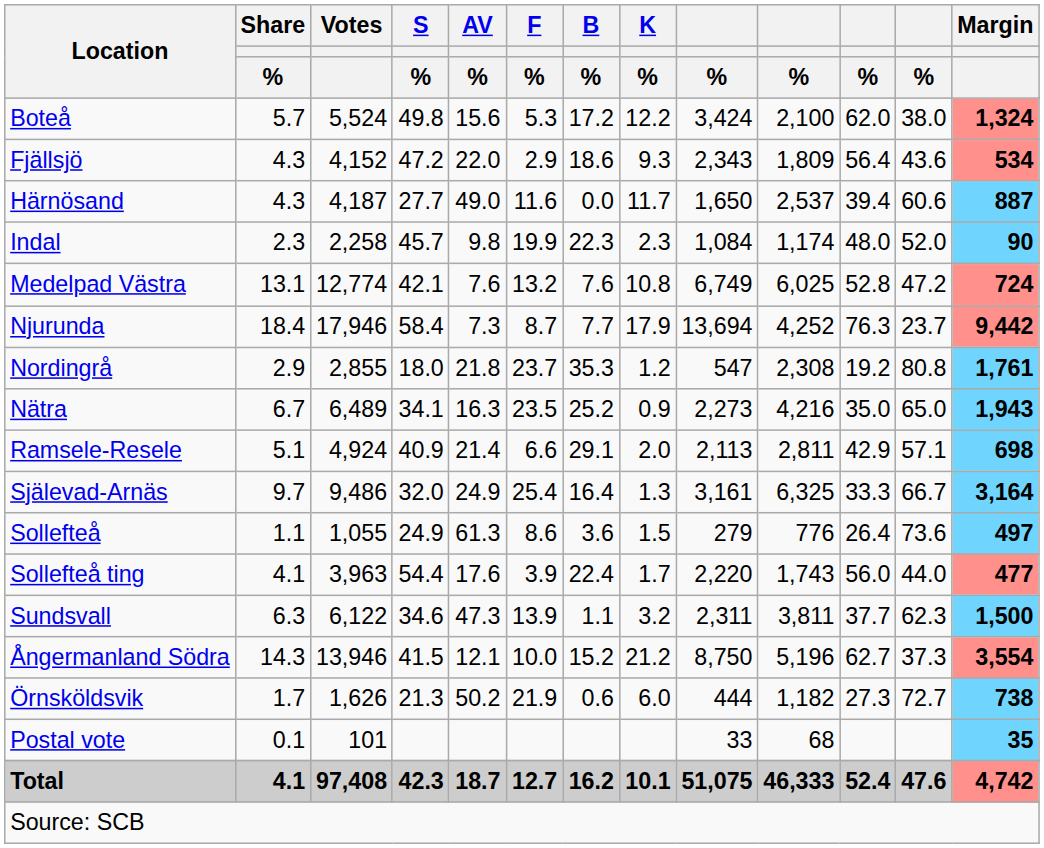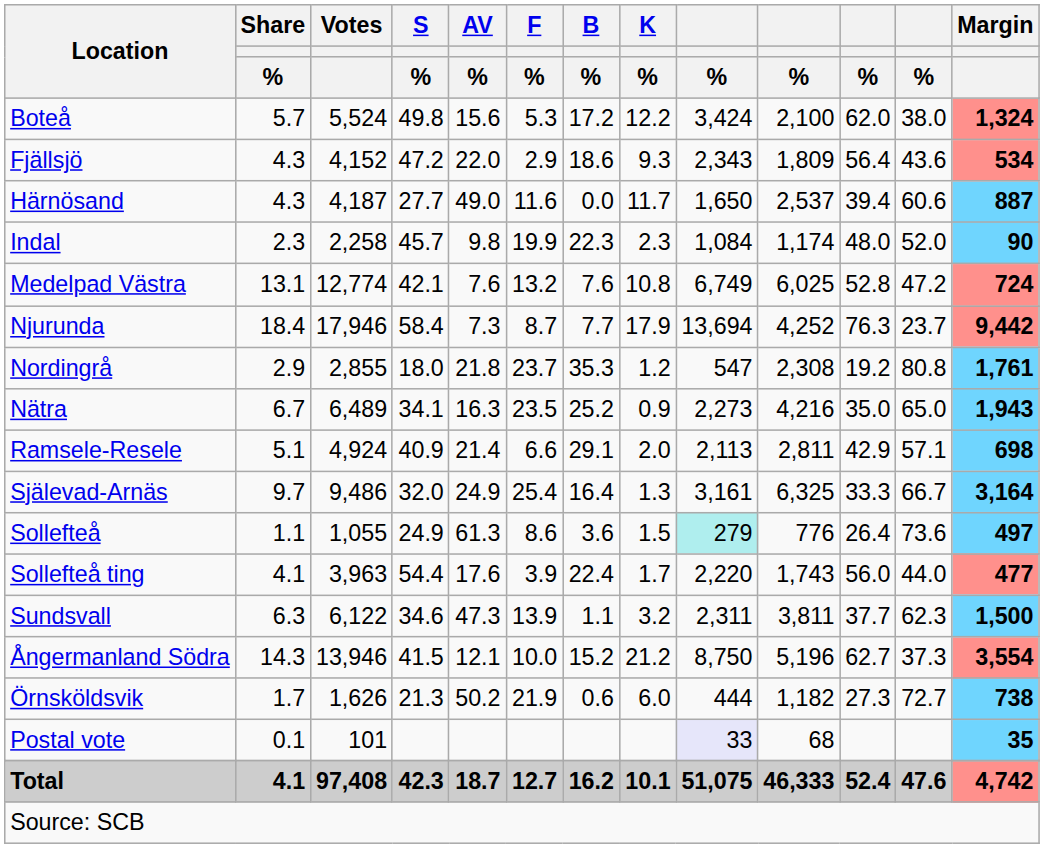 <table class="wikitable sortable" style="text-align:right; font-size:95%; line-height:20px;">
 <tr>
 <th rowspan="3">Location</th>
 <th>Share</th>
 <th>Votes</th>
 <th width="30px" class="unsortable"><a href='#'>S</a></th>
 <th width="30px" class="unsortable"><a href='#'>AV</a></th>
 <th width="30px" class="unsortable"><a href='#'>F</a></th>
 <th width="30px" class="unsortable"><a href='#'>B</a></th>
 <th width="30px" class="unsortable"><a href='#'>K</a></th>
 <th></th>
 <th></th>
 <th></th>
 <th></th>
 <th>Margin</th>
 </tr>
 <tr>
 <th></th>
 <th></th>
 <th style="background:"></th>
 <th style="background:"></th>
 <th style="background:"></th>
 <th style="background:"></th>
 <th style="background:"></th>
 <th style="background:"></th>
 <th style="background:"></th>
 <th style="background:"></th>
 <th style="background:"></th>
 <th></th>
 </tr>
 <tr>
 <th data-sort-type="number">%</th>
 <th></th>
 <th data-sort-type="number">%</th>
 <th data-sort-type="number">%</th>
 <th data-sort-type="number">%</th>
 <th data-sort-type="number">%</th>
 <th data-sort-type="number">%</th>
 <th data-sort-type="number">%</th>
 <th data-sort-type="number">%</th>
 <th data-sort-type="number">%</th>
 <th data-sort-type="number">%</th>
 <th></th>
 </tr>
 <tr>
 <td align=left><a href='#'>Boteå</a></td>
 <td>5.7</td>
 <td>5,524</td>
 <td>49.8</td>
 <td>15.6</td>
 <td>5.3</td>
 <td>17.2</td>
 <td>12.2</td>
 <td>3,424</td>
 <td>2,100</td>
 <td>62.0</td>
 <td>38.0</td>
 <td bgcolor=#ff908c><strong>1,324</strong></td>
 </tr>
 <tr>
 <td align=left><a href='#'>Fjällsjö</a></td>
 <td>4.3</td>
 <td>4,152</td>
 <td>47.2</td>
 <td>22.0</td>
 <td>2.9</td>
 <td>18.6</td>
 <td>9.3</td>
 <td>2,343</td>
 <td>1,809</td>
 <td>56.4</td>
 <td>43.6</td>
 <td bgcolor=#ff908c><strong>534</strong></td>
 </tr>
 <tr>
 <td align=left><a href='#'>Härnösand</a></td>
 <td>4.3</td>
 <td>4,187</td>
 <td>27.7</td>
 <td>49.0</td>
 <td>11.6</td>
 <td>0.0</td>
 <td>11.7</td>
 <td>1,650</td>
 <td>2,537</td>
 <td>39.4</td>
 <td>60.6</td>
 <td bgcolor=#6fd5fe><strong>887</strong></td>
 </tr>
 <tr>
 <td align=left><a href='#'>Indal</a></td>
 <td>2.3</td>
 <td>2,258</td>
 <td>45.7</td>
 <td>9.8</td>
 <td>19.9</td>
 <td>22.3</td>
 <td>2.3</td>
 <td>1,084</td>
 <td>1,174</td>
 <td>48.0</td>
 <td>52.0</td>
 <td bgcolor=#6fd5fe><strong>90</strong></td>
 </tr>
 <tr>
 <td align=left><a href='#'>Medelpad Västra</a></td>
 <td>13.1</td>
 <td>12,774</td>
 <td>42.1</td>
 <td>7.6</td>
 <td>13.2</td>
 <td>7.6</td>
 <td>10.8</td>
 <td>6,749</td>
 <td>6,025</td>
 <td>52.8</td>
 <td>47.2</td>
 <td bgcolor=#ff908c><strong>724</strong></td>
 </tr>
 <tr>
 <td align=left><a href='#'>Njurunda</a></td>
 <td>18.4</td>
 <td>17,946</td>
 <td>58.4</td>
 <td>7.3</td>
 <td>8.7</td>
 <td>7.7</td>
 <td>17.9</td>
 <td>13,694</td>
 <td>4,252</td>
 <td>76.3</td>
 <td>23.7</td>
 <td bgcolor=#ff908c><strong>9,442</strong></td>
 </tr>
 <tr>
 <td align=left><a href='#'>Nordingrå</a></td>
 <td>2.9</td>
 <td>2,855</td>
 <td>18.0</td>
 <td>21.8</td>
 <td>23.7</td>
 <td>35.3</td>
 <td>1.2</td>
 <td>547</td>
 <td>2,308</td>
 <td>19.2</td>
 <td>80.8</td>
 <td bgcolor=#6fd5fe><strong>1,761</strong></td>
 </tr>
 <tr>
 <td align=left><a href='#'>Nätra</a></td>
 <td>6.7</td>
 <td>6,489</td>
 <td>34.1</td>
 <td>16.3</td>
 <td>23.5</td>
 <td>25.2</td>
 <td>0.9</td>
 <td>2,273</td>
 <td>4,216</td>
 <td>35.0</td>
 <td>65.0</td>
 <td bgcolor=#6fd5fe><strong>1,943</strong></td>
 </tr>
 <tr>
 <td align=left><a href='#'>Ramsele-Resele</a></td>
 <td>5.1</td>
 <td>4,924</td>
 <td>40.9</td>
 <td>21.4</td>
 <td>6.6</td>
 <td>29.1</td>
 <td>2.0</td>
 <td>2,113</td>
 <td>2,811</td>
 <td>42.9</td>
 <td>57.1</td>
 <td bgcolor=#6fd5fe><strong>698</strong></td>
 </tr>
 <tr>
 <td align=left><a href='#'>Själevad-Arnäs</a></td>
 <td>9.7</td>
 <td>9,486</td>
 <td>32.0</td>
 <td>24.9</td>
 <td>25.4</td>
 <td>16.4</td>
 <td>1.3</td>
 <td>3,161</td>
 <td>6,325</td>
 <td>33.3</td>
 <td>66.7</td>
 <td bgcolor=#6fd5fe><strong>3,164</strong></td>
 </tr>
 <tr>
 <td align=left><a href='#'>Sollefteå</a></td>
 <td>1.1</td>
 <td>1,055</td>
 <td>24.9</td>
 <td>61.3</td>
 <td>8.6</td>
 <td>3.6</td>
 <td>1.5</td>
-<td>279</td>
+<td style="background: paleturquoise;">279</td>
 <td>776</td>
 <td>26.4</td>
 <td>73.6</td>
 <td bgcolor=#6fd5fe><strong>497</strong></td>
 </tr>
 <tr>
 <td align=left><a href='#'>Sollefteå ting</a></td>
 <td>4.1</td>
 <td>3,963</td>
 <td>54.4</td>
 <td>17.6</td>
 <td>3.9</td>
 <td>22.4</td>
 <td>1.7</td>
 <td>2,220</td>
 <td>1,743</td>
 <td>56.0</td>
 <td>44.0</td>
 <td bgcolor=#ff908c><strong>477</strong></td>
 </tr>
 <tr>
 <td align=left><a href='#'>Sundsvall</a></td>
 <td>6.3</td>
 <td>6,122</td>
 <td>34.6</td>
 <td>47.3</td>
 <td>13.9</td>
 <td>1.1</td>
 <td>3.2</td>
 <td>2,311</td>
 <td>3,811</td>
 <td>37.7</td>
 <td>62.3</td>
 <td bgcolor=#6fd5fe><strong>1,500</strong></td>
 </tr>
 <tr>
 <td align=left><a href='#'>Ångermanland Södra</a></td>
 <td>14.3</td>
 <td>13,946</td>
 <td>41.5</td>
 <td>12.1</td>
 <td>10.0</td>
 <td>15.2</td>
 <td>21.2</td>
 <td>8,750</td>
 <td>5,196</td>
 <td>62.7</td>
 <td>37.3</td>
 <td bgcolor=#ff908c><strong>3,554</strong></td>
 </tr>
 <tr>
 <td align=left><a href='#'>Örnsköldsvik</a></td>
 <td>1.7</td>
 <td>1,626</td>
 <td>21.3</td>
 <td>50.2</td>
 <td>21.9</td>
 <td>0.6</td>
 <td>6.0</td>
 <td>444</td>
 <td>1,182</td>
 <td>27.3</td>
 <td>72.7</td>
 <td bgcolor=#6fd5fe><strong>738</strong></td>
 </tr>
 <tr>
 <td align=left><a href='#'>Postal vote</a></td>
 <td>0.1</td>
 <td>101</td>
 <td></td>
 <td></td>
 <td></td>
 <td></td>
 <td></td>
-<td>33</td>
+<td style="background: lavender;">33</td>
 <td>68</td>
 <td></td>
 <td></td>
 <td bgcolor=#6fd5fe><strong>35</strong></td>
 </tr>
 <tr>
 </tr>
 <tr style="background:#CDCDCD;">
 <td align=left><strong>Total</strong></td>
 <td><strong>4.1</strong></td>
 <td><strong>97,408</strong></td>
 <td><strong>42.3</strong></td>
 <td><strong>18.7</strong></td>
 <td><strong>12.7</strong></td>
 <td><strong>16.2</strong></td>
 <td><strong>10.1</strong></td>
 <td><strong>51,075</strong></td>
 <td><strong>46,333</strong></td>
 <td><strong>52.4</strong></td>
 <td><strong>47.6</strong></td>
 <td bgcolor=#ff908c><strong>4,742</strong></td>
 </tr>
 <tr>
 <td align=left colspan=13>Source: SCB </td>
 </tr>
 </table>
